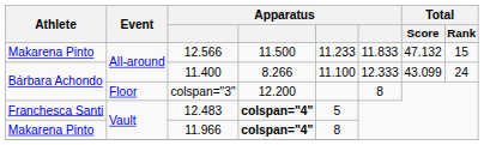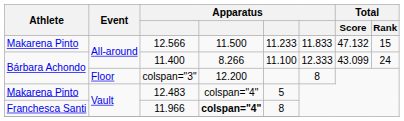 <table class=wikitable style=font-size:90%;text-align:center>
 <tr>
 <th rowspan=2>Athlete</th>
 <th rowspan=2>Event</th>
 <th colspan=4>Apparatus</th>
 <th colspan=2>Total</th>
 </tr>
 <tr style=font-size:95%>
 <th></th>
 <th></th>
 <th></th>
 <th></th>
 <th>Score</th>
 <th>Rank</th>
 </tr>
 <tr>
 <td align=left><a href='#'>Makarena Pinto</a></td>
 <td align=left rowspan=2><a href='#'>All-around</a></td>
 <td>12.566</td>
 <td>11.500</td>
 <td>11.233</td>
 <td>11.833</td>
 <td>47.132</td>
 <td>15</td>
 </tr>
 <tr>
 <td align=left rowspan="2"><a href='#'>Bárbara Achondo</a></td>
 <td>11.400</td>
 <td>8.266</td>
 <td>11.100</td>
 <td>12.333</td>
 <td>43.099</td>
 <td>24</td>
 </tr>
 <tr>
 <td align=left><a href='#'>Floor</a></td>
 <td>colspan="3" </td>
 <td>12.200</td>
 <td></td>
 <td>8</td>
 </tr>
 <tr>
-<td align=left><a href='#'>Franchesca Santi</a></td>
+<td align=left><a href='#'>Makarena Pinto</a></td>
 <td align=left rowspan="2"><a href='#'>Vault</a></td>
 <td>12.483</td>
-<td><strong>colspan="4" </strong></td>
+<td>colspan="4" </td>
 <td>5</td>
 </tr>
 <tr>
-<td align=left><a href='#'>Makarena Pinto</a></td>
+<td align=left><a href='#'>Franchesca Santi</a></td>
 <td>11.966</td>
 <td><strong>colspan="4" </strong></td>
 <td>8</td>
 </tr>
 <tr>
 </tr>
 </table>
